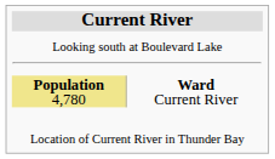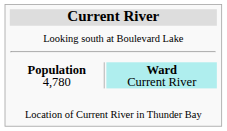 <table class="infobox" style="font-size:90%;width:250px;text-align:center;line-height:100%;">
 <tr>
 <th colspan="2" style="background:#DDDDDD;line-height:110%;"><big>Current River</big></th>
 </tr>
 <tr>
 <td colspan="2"></td>
 </tr>
 <tr>
 <td colspan="2"><small>Looking south at Boulevard Lake</small><hr></td>
 </tr>
 <tr>
-<td style="background: khaki; border-right:1px solid #AAAAAA;"><strong>Population</strong><br>4,780</td>
-<td><strong>Ward</strong><br>Current River</td>
+<td style="border-right:1px solid #AAAAAA;"><strong>Population</strong><br>4,780</td>
+<td style="background: paleturquoise;"><strong>Ward</strong><br>Current River</td>
 </tr>
 <tr>
 <td colspan="2"><br></td>
 </tr>
 <tr>
 <td colspan="2"><small>Location of Current River in Thunder Bay</small></td>
 </tr>
 </table>
